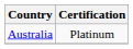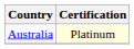 <table class="wikitable">
 <tr>
 <th style="text-align:center;">Country</th>
 <th style="text-align:center;">Certification</th>
 </tr>
 <tr>
 <td style="text-align:center;"><a href='#'>Australia</a></td>
-<td style="text-align:center;">Platinum</td>
+<td style="background: lightyellow; text-align:center;">Platinum</td>
 </tr>
 <tr>
 </tr>
 </table>
